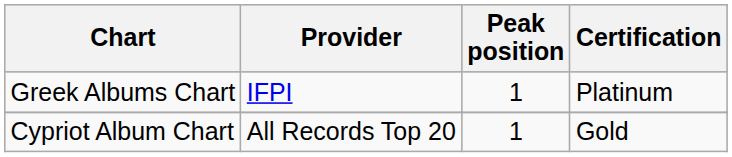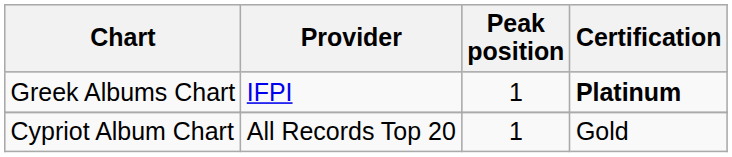 <table class="wikitable">
 <tr>
 <th>Chart</th>
 <th>Provider</th>
 <th>Peak<br>position</th>
 <th>Certification</th>
 </tr>
 <tr>
 <td>Greek Albums Chart</td>
 <td><a href='#'>IFPI</a></td>
 <td align="center">1</td>
-<td>Platinum</td>
+<td><strong>Platinum</strong></td>
 </tr>
 <tr>
 </tr>
 <tr>
 <td>Cypriot Album Chart</td>
 <td>All Records Top 20</td>
 <td align="center">1</td>
 <td>Gold</td>
 </tr>
 </table>
